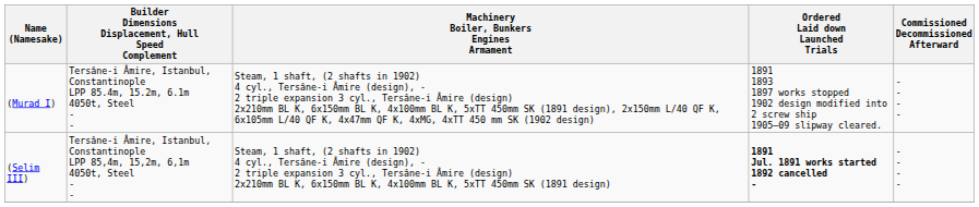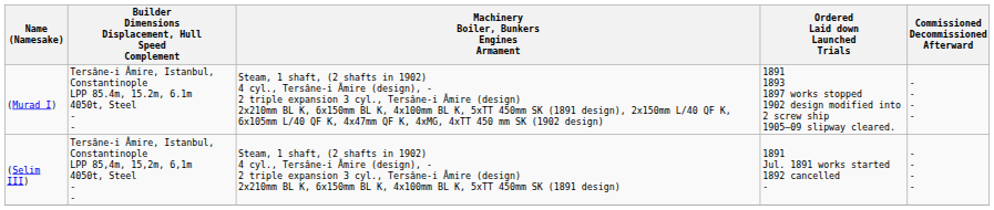 <table class="wikitable" style="font-size:90%;">
 <tr bgcolor="#e6e9ff">
 <th>Name<br>(Namesake)</th>
 <th>Builder<br>Dimensions<br>Displacement, Hull<br>Speed<br>Complement</th>
 <th>Machinery<br>Boiler, Bunkers<br>Engines<br>Armament</th>
 <th>Ordered<br>Laid down<br>Launched<br>Trials</th>
 <th>Commissioned<br>Decommissioned<br>Afterward</th>
 </tr>
 <tr ---->
 <td><br>(<a href='#'>Murad I</a>)</td>
 <td> Tersâne-i Âmire, Istanbul, Constantinople<br>LPP 85.4m, 15.2m, 6.1m<br>4050t, Steel<br>-<br>-</td>
 <td>Steam, 1 shaft, (2 shafts in 1902)<br>4 cyl., Tersâne-i Âmire (design), -<br>2 triple expansion 3 cyl., Tersâne-i Âmire (design)<br>2x210mm BL K, 6x150mm BL K, 4x100mm BL K, 5xTT 450mm SK (1891 design), 2x150mm L/40 QF K, 6x105mm L/40 QF K, 4x47mm QF K, 4xMG, 4xTT 450 mm SK (1902 design)</td>
 <td>1891<br>1893<br>1897 works stopped<br>1902 design modified into 2 screw ship<br>1905–09 slipway cleared.</td>
 <td>-<br>-<br>-<br>-</td>
 </tr>
 <tr ---->
 <td><br>(<a href='#'>Selim III</a>)</td>
 <td> Tersâne-i Âmire, Istanbul, Constantinople<br>LPP 85,4m, 15,2m, 6,1m<br>4050t, Steel<br>-<br>-</td>
 <td>Steam, 1 shaft, (2 shafts in 1902)<br>4 cyl., Tersâne-i Âmire (design), -<br>2 triple expansion 3 cyl., Tersâne-i Âmire (design)<br>2x210mm BL K, 6x150mm BL K, 4x100mm BL K, 5xTT 450mm SK (1891 design)</td>
-<td><strong>1891<br>Jul. 1891 works started<br>1892 cancelled<br>-</strong></td>
+<td>1891<br>Jul. 1891 works started<br>1892 cancelled<br>-</td>
 <td>-<br>-<br>-<br>-</td>
 </tr>
 <tr ---->
 </tr>
 </table>
